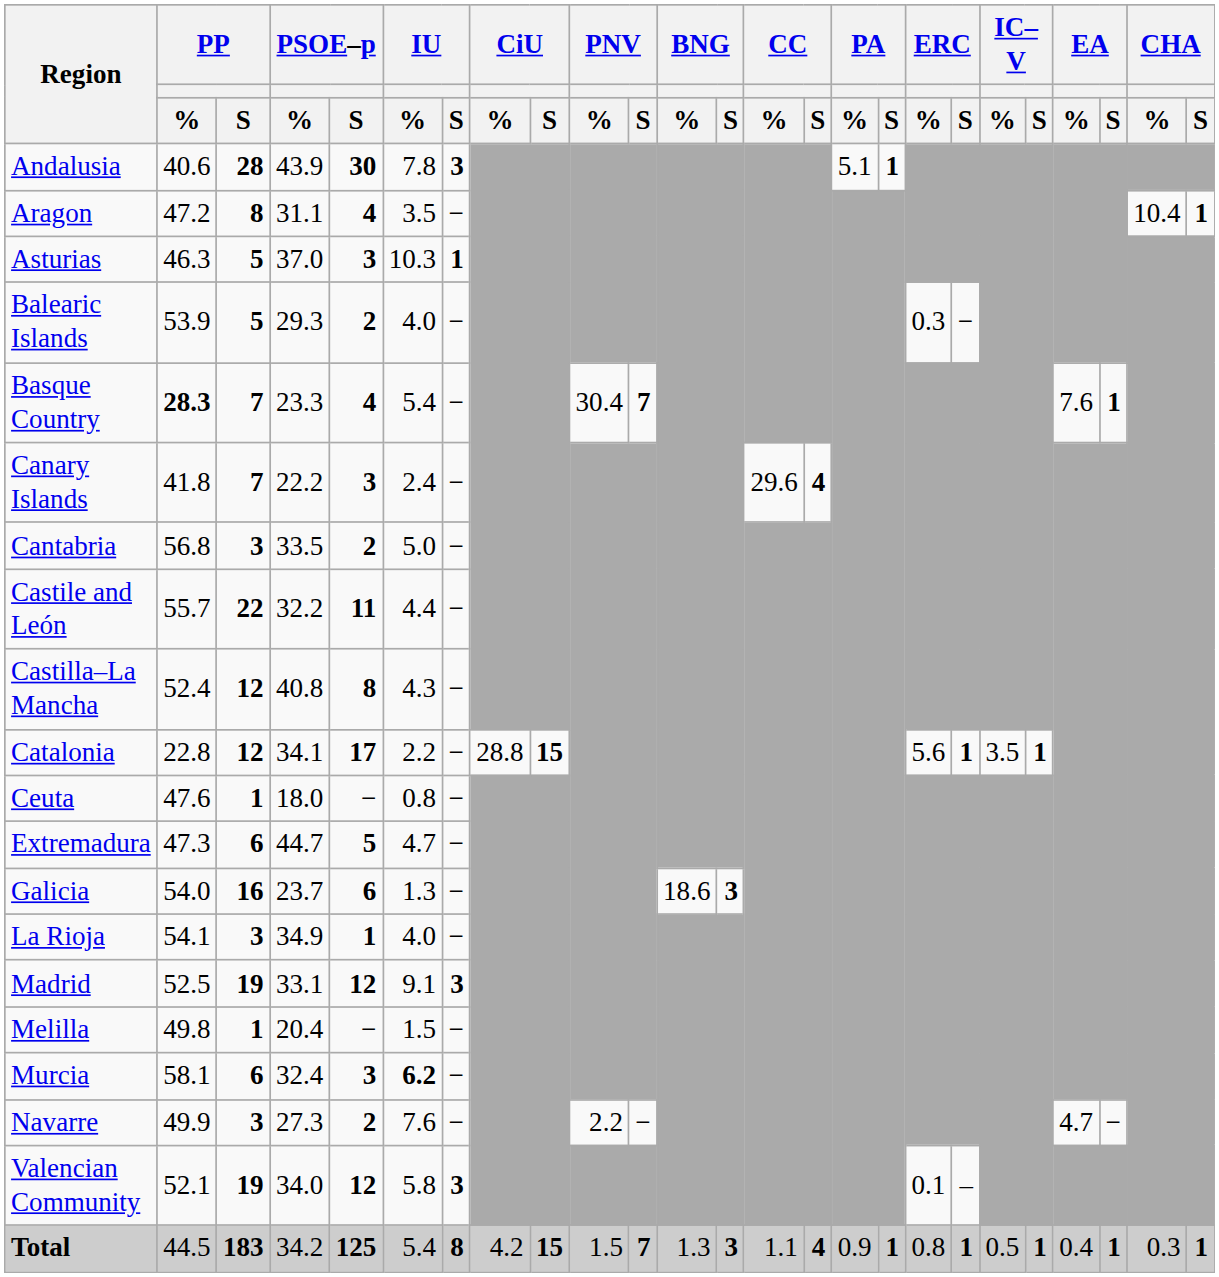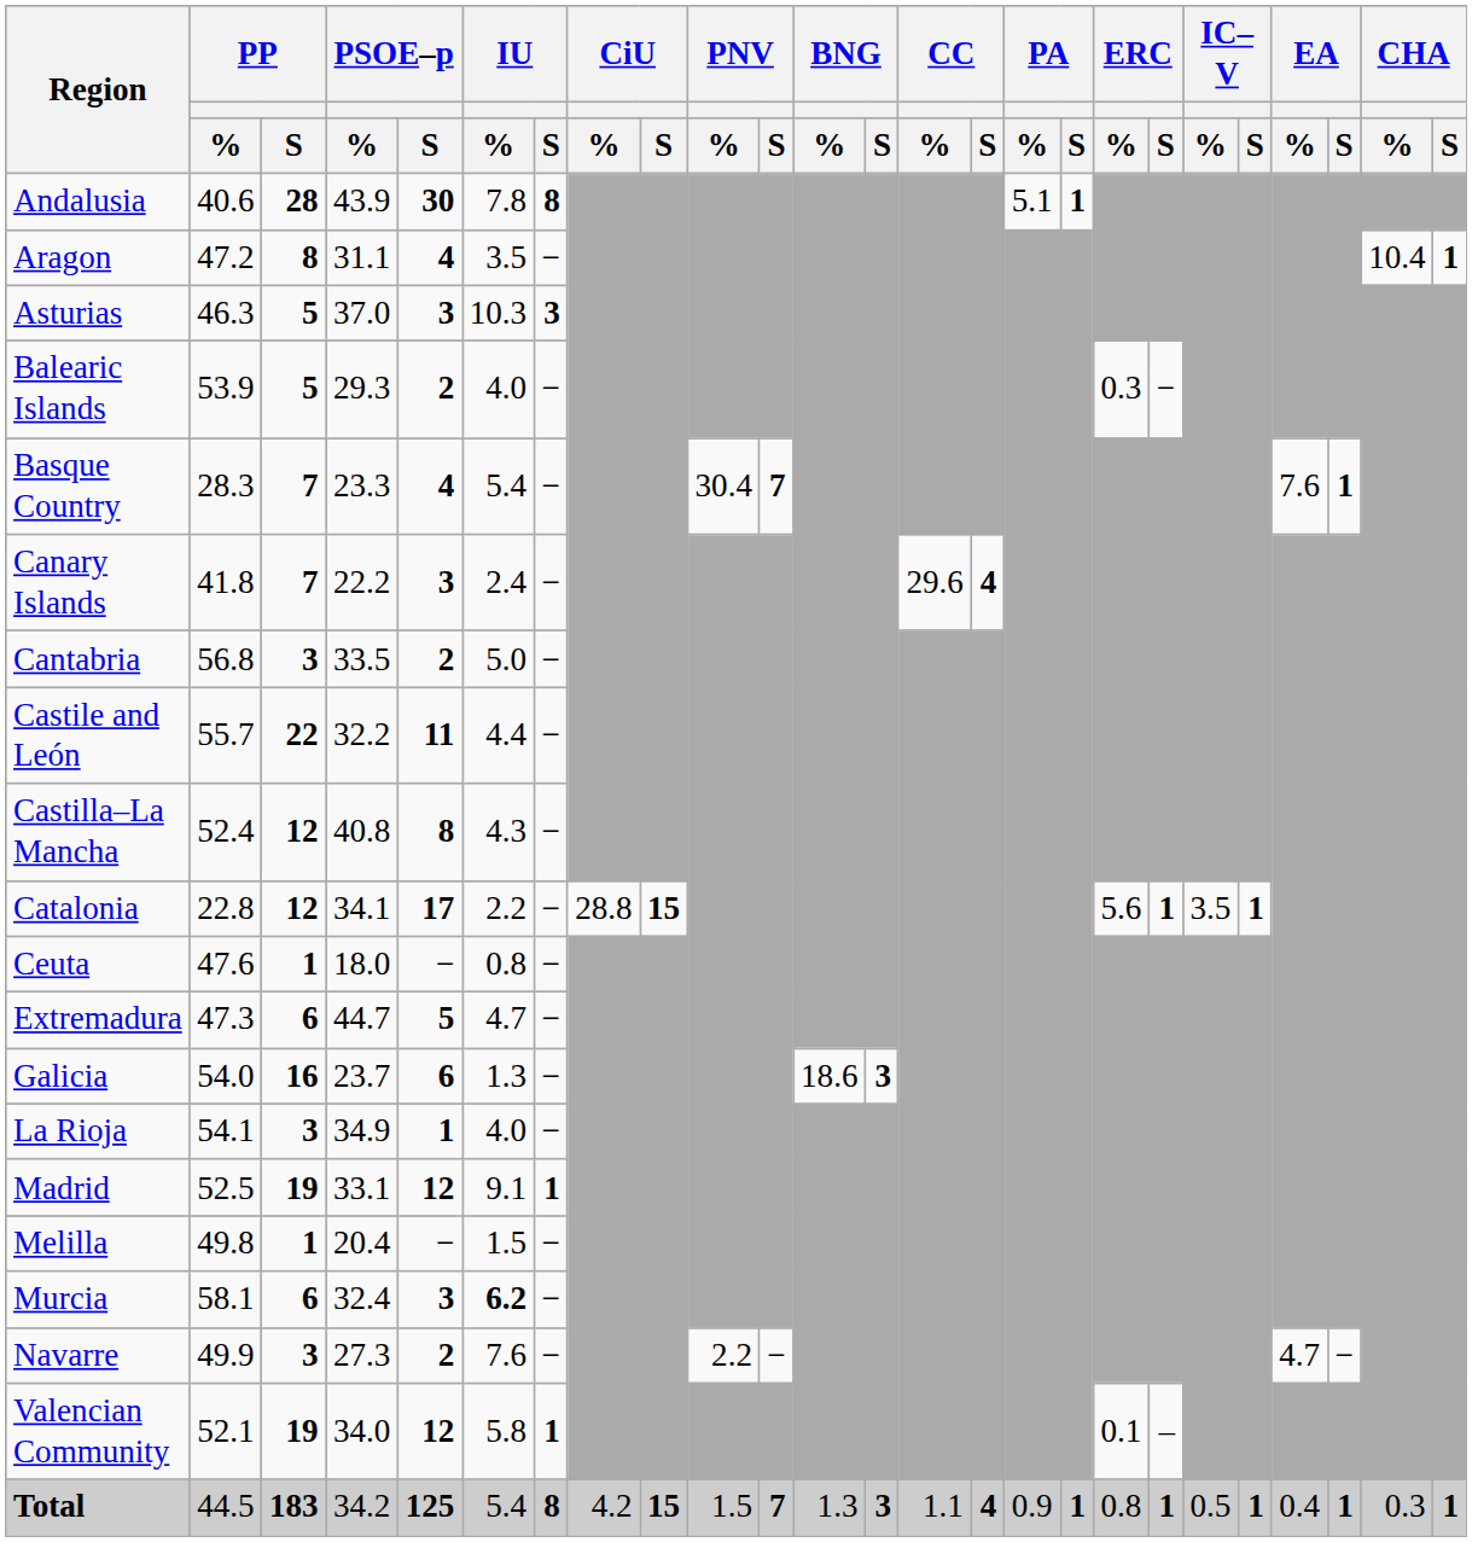 <table class="wikitable sortable" style="text-align:right; line-height:20px;">
 <tr>
 <th rowspan="3">Region</th>
 <th colspan="2" width="30px" class="unsortable"><a href='#'>PP</a></th>
 <th colspan="2" width="30px" class="unsortable"><a href='#'>PSOE</a>–<a href='#'>p</a></th>
 <th colspan="2" width="30px" class="unsortable"><a href='#'>IU</a></th>
 <th colspan="2" width="30px" class="unsortable"><a href='#'>CiU</a></th>
 <th colspan="2" width="30px" class="unsortable"><a href='#'>PNV</a></th>
 <th colspan="2" width="30px" class="unsortable"><a href='#'>BNG</a></th>
 <th colspan="2" width="30px" class="unsortable"><a href='#'>CC</a></th>
 <th colspan="2" width="30px" class="unsortable"><a href='#'>PA</a></th>
 <th colspan="2" width="30px" class="unsortable"><a href='#'>ERC</a></th>
 <th colspan="2" width="30px" class="unsortable"><a href='#'>IC–V</a></th>
 <th colspan="2" width="30px" class="unsortable"><a href='#'>EA</a></th>
 <th colspan="2" width="30px" class="unsortable"><a href='#'>CHA</a></th>
 </tr>
 <tr>
 <th colspan="2" style="background:"></th>
 <th colspan="2" style="background:"></th>
 <th colspan="2" style="background:"></th>
 <th colspan="2" style="background:"></th>
 <th colspan="2" style="background:"></th>
 <th colspan="2" style="background:"></th>
 <th colspan="2" style="background:"></th>
 <th colspan="2" style="background:"></th>
 <th colspan="2" style="background:"></th>
 <th colspan="2" style="background:"></th>
 <th colspan="2" style="background:"></th>
 <th colspan="2" style="background:"></th>
 </tr>
 <tr>
 <th data-sort-type="number">%</th>
 <th data-sort-type="number">S</th>
 <th data-sort-type="number">%</th>
 <th data-sort-type="number">S</th>
 <th data-sort-type="number">%</th>
 <th data-sort-type="number">S</th>
 <th data-sort-type="number">%</th>
 <th data-sort-type="number">S</th>
 <th data-sort-type="number">%</th>
 <th data-sort-type="number">S</th>
 <th data-sort-type="number">%</th>
 <th data-sort-type="number">S</th>
 <th data-sort-type="number">%</th>
 <th data-sort-type="number">S</th>
 <th data-sort-type="number">%</th>
 <th data-sort-type="number">S</th>
 <th data-sort-type="number">%</th>
 <th data-sort-type="number">S</th>
 <th data-sort-type="number">%</th>
 <th data-sort-type="number">S</th>
 <th data-sort-type="number">%</th>
 <th data-sort-type="number">S</th>
 <th data-sort-type="number">%</th>
 <th data-sort-type="number">S</th>
 </tr>
 <tr>
 <td align="left"><a href='#'>Andalusia</a></td>
 <td>40.6</td>
 <td><strong>28</strong></td>
 <td style="background:">43.9</td>
 <td><strong>30</strong></td>
 <td>7.8</td>
-<td><strong>3</strong></td>
+<td><strong>8</strong></td>
 <td colspan="2" rowspan="9" bgcolor="#AAAAAA"></td>
 <td colspan="2" rowspan="4" bgcolor="#AAAAAA"></td>
 <td colspan="2" rowspan="12" bgcolor="#AAAAAA"></td>
 <td colspan="2" rowspan="5" bgcolor="#AAAAAA"></td>
 <td>5.1</td>
 <td><strong>1</strong></td>
 <td colspan="2" rowspan="3" bgcolor="#AAAAAA"></td>
 <td colspan="2" rowspan="9" bgcolor="#AAAAAA"></td>
 <td colspan="2" rowspan="4" bgcolor="#AAAAAA"></td>
 <td colspan="2" bgcolor="#AAAAAA"></td>
 </tr>
 <tr>
 <td align="left"><a href='#'>Aragon</a></td>
 <td style="background:">47.2</td>
 <td><strong>8</strong></td>
 <td>31.1</td>
 <td><strong>4</strong></td>
 <td>3.5</td>
 <td>−</td>
 <td colspan="2" rowspan="18" bgcolor="#AAAAAA"></td>
 <td>10.4</td>
 <td><strong>1</strong></td>
 </tr>
 <tr>
 <td align="left"><a href='#'>Asturias</a></td>
 <td style="background:">46.3</td>
 <td><strong>5</strong></td>
 <td>37.0</td>
 <td><strong>3</strong></td>
 <td>10.3</td>
-<td><strong>1</strong></td>
+<td><strong>3</strong></td>
 <td colspan="2" rowspan="17" bgcolor="#AAAAAA"></td>
 </tr>
 <tr>
 <td align="left"><a href='#'>Balearic Islands</a></td>
 <td style="background:">53.9</td>
 <td><strong>5</strong></td>
 <td>29.3</td>
 <td><strong>2</strong></td>
 <td>4.0</td>
 <td>−</td>
 <td>0.3</td>
 <td>−</td>
 </tr>
 <tr>
 <td align="left"><a href='#'>Basque Country</a></td>
-<td><strong>28.3</strong></td>
+<td>28.3</td>
 <td><strong>7</strong></td>
 <td>23.3</td>
 <td><strong>4</strong></td>
 <td>5.4</td>
 <td>−</td>
 <td style="background:">30.4</td>
 <td><strong>7</strong></td>
 <td colspan="2" rowspan="5" bgcolor="#AAAAAA"></td>
 <td>7.6</td>
 <td><strong>1</strong></td>
 </tr>
 <tr>
 <td align="left"><a href='#'>Canary Islands</a></td>
 <td style="background:">41.8</td>
 <td><strong>7</strong></td>
 <td>22.2</td>
 <td><strong>3</strong></td>
 <td>2.4</td>
 <td>−</td>
 <td colspan="2" rowspan="12" bgcolor="#AAAAAA"></td>
 <td>29.6</td>
 <td><strong>4</strong></td>
 <td colspan="2" rowspan="12" bgcolor="#AAAAAA"></td>
 </tr>
 <tr>
 <td align="left"><a href='#'>Cantabria</a></td>
 <td style="background:">56.8</td>
 <td><strong>3</strong></td>
 <td>33.5</td>
 <td><strong>2</strong></td>
 <td>5.0</td>
 <td>−</td>
 <td colspan="2" rowspan="13" bgcolor="#AAAAAA"></td>
 </tr>
 <tr>
 <td align="left"><a href='#'>Castile and León</a></td>
 <td style="background:">55.7</td>
 <td><strong>22</strong></td>
 <td>32.2</td>
 <td><strong>11</strong></td>
 <td>4.4</td>
 <td>−</td>
 </tr>
 <tr>
 <td align="left"><a href='#'>Castilla–La Mancha</a></td>
 <td style="background:">52.4</td>
 <td><strong>12</strong></td>
 <td>40.8</td>
 <td><strong>8</strong></td>
 <td>4.3</td>
 <td>−</td>
 </tr>
 <tr>
 <td align="left"><a href='#'>Catalonia</a></td>
 <td>22.8</td>
 <td><strong>12</strong></td>
 <td style="background:">34.1</td>
 <td><strong>17</strong></td>
 <td>2.2</td>
 <td>−</td>
 <td>28.8</td>
 <td><strong>15</strong></td>
 <td>5.6</td>
 <td><strong>1</strong></td>
 <td>3.5</td>
 <td><strong>1</strong></td>
 </tr>
 <tr>
 <td align="left"><a href='#'>Ceuta</a></td>
 <td style="background:">47.6</td>
 <td><strong>1</strong></td>
 <td>18.0</td>
 <td>−</td>
 <td>0.8</td>
 <td>−</td>
 <td colspan="2" rowspan="9" bgcolor="#AAAAAA"></td>
 <td colspan="2" rowspan="8" bgcolor="#AAAAAA"></td>
 <td colspan="2" rowspan="9" bgcolor="#AAAAAA"></td>
 </tr>
 <tr>
 <td align="left"><a href='#'>Extremadura</a></td>
 <td style="background:">47.3</td>
 <td><strong>6</strong></td>
 <td>44.7</td>
 <td><strong>5</strong></td>
 <td>4.7</td>
 <td>−</td>
 </tr>
 <tr>
 <td align="left"><a href='#'>Galicia</a></td>
 <td style="background:">54.0</td>
 <td><strong>16</strong></td>
 <td>23.7</td>
 <td><strong>6</strong></td>
 <td>1.3</td>
 <td>−</td>
 <td>18.6</td>
 <td><strong>3</strong></td>
 </tr>
 <tr>
 <td align="left"><a href='#'>La Rioja</a></td>
 <td style="background:">54.1</td>
 <td><strong>3</strong></td>
 <td>34.9</td>
 <td><strong>1</strong></td>
 <td>4.0</td>
 <td>−</td>
 <td colspan="2" rowspan="6" bgcolor="#AAAAAA"></td>
 </tr>
 <tr>
 <td align="left"><a href='#'>Madrid</a></td>
 <td style="background:">52.5</td>
 <td><strong>19</strong></td>
 <td>33.1</td>
 <td><strong>12</strong></td>
 <td>9.1</td>
-<td><strong>3</strong></td>
+<td><strong>1</strong></td>
 </tr>
 <tr>
 <td align="left"><a href='#'>Melilla</a></td>
 <td style="background:">49.8</td>
 <td><strong>1</strong></td>
 <td>20.4</td>
 <td>−</td>
 <td>1.5</td>
 <td>−</td>
 </tr>
 <tr>
 <td align="left"><a href='#'>Murcia</a></td>
 <td style="background:">58.1</td>
 <td><strong>6</strong></td>
 <td>32.4</td>
 <td><strong>3</strong></td>
 <td><strong>6.2</strong></td>
 <td>−</td>
 </tr>
 <tr>
 <td align="left"><a href='#'>Navarre</a></td>
 <td style="background:">49.9</td>
 <td><strong>3</strong></td>
 <td>27.3</td>
 <td><strong>2</strong></td>
 <td>7.6</td>
 <td>−</td>
 <td>2.2</td>
 <td>−</td>
 <td>4.7</td>
 <td>−</td>
 </tr>
 <tr>
 <td align="left"><a href='#'>Valencian Community</a></td>
 <td style="background:">52.1</td>
 <td><strong>19</strong></td>
 <td>34.0</td>
 <td><strong>12</strong></td>
 <td>5.8</td>
-<td><strong>3</strong></td>
+<td><strong>1</strong></td>
 <td colspan="2" bgcolor="#AAAAAA"></td>
 <td>0.1</td>
 <td>–</td>
 <td colspan="2" bgcolor="#AAAAAA"></td>
 </tr>
 <tr style="background:#CDCDCD;">
 <td align="left"><strong>Total</strong></td>
 <td style="background:">44.5</td>
 <td><strong>183</strong></td>
 <td>34.2</td>
 <td><strong>125</strong></td>
 <td>5.4</td>
 <td><strong>8</strong></td>
 <td>4.2</td>
 <td><strong>15</strong></td>
 <td>1.5</td>
 <td><strong>7</strong></td>
 <td>1.3</td>
 <td><strong>3</strong></td>
 <td>1.1</td>
 <td><strong>4</strong></td>
 <td>0.9</td>
 <td><strong>1</strong></td>
 <td>0.8</td>
 <td><strong>1</strong></td>
 <td>0.5</td>
 <td><strong>1</strong></td>
 <td>0.4</td>
 <td><strong>1</strong></td>
 <td>0.3</td>
 <td><strong>1</strong></td>
 </tr>
 </table>
